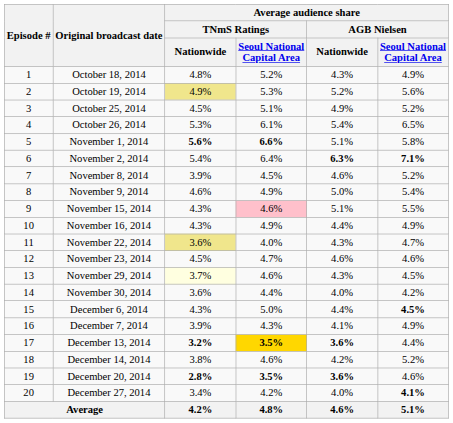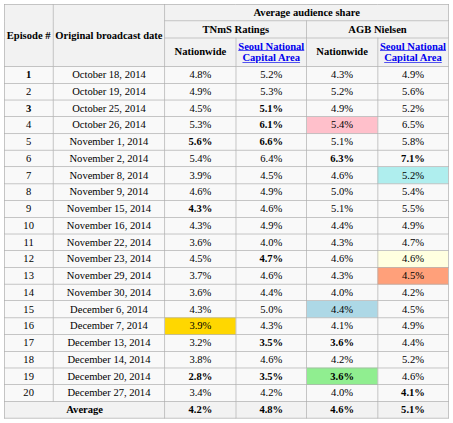 <table class=wikitable style="text-align:center">
 <tr>
 <th rowspan="3">Episode #</th>
 <th rowspan="3">Original broadcast date</th>
 <th colspan="4">Average audience share</th>
 </tr>
 <tr>
 <th colspan="2">TNmS Ratings</th>
 <th colspan="2">AGB Nielsen</th>
 </tr>
 <tr>
 <th width=100>Nationwide</th>
 <th width=100><a href='#'>Seoul National Capital Area</a></th>
 <th width=100>Nationwide</th>
 <th width=100><a href='#'>Seoul National Capital Area</a></th>
 </tr>
 <tr>
-<td>1</td>
+<td><strong>1</strong></td>
 <td>October 18, 2014</td>
 <td>4.8%</td>
 <td>5.2%</td>
 <td>4.3%</td>
 <td>4.9%</td>
 </tr>
 <tr>
 <td>2</td>
 <td>October 19, 2014</td>
-<td style="background: khaki;">4.9%</td>
+<td>4.9%</td>
 <td>5.3%</td>
 <td>5.2%</td>
 <td>5.6%</td>
 </tr>
 <tr>
-<td>3</td>
+<td><strong>3</strong></td>
 <td>October 25, 2014</td>
 <td>4.5%</td>
-<td>5.1%</td>
+<td><strong>5.1%</strong></td>
 <td>4.9%</td>
 <td>5.2%</td>
 </tr>
 <tr>
 <td>4</td>
 <td>October 26, 2014</td>
 <td>5.3%</td>
-<td>6.1%</td>
-<td>5.4%</td>
+<td><strong>6.1%</strong></td>
+<td style="background: pink;">5.4%</td>
 <td>6.5%</td>
 </tr>
 <tr>
 <td>5</td>
 <td>November 1, 2014</td>
 <td><span><strong>5.6%</strong></span></td>
 <td><span><strong>6.6%</strong></span></td>
 <td>5.1%</td>
 <td>5.8%</td>
 </tr>
 <tr>
 <td>6</td>
 <td>November 2, 2014</td>
 <td>5.4%</td>
 <td>6.4%</td>
 <td><span><strong>6.3%</strong></span></td>
 <td><span><strong>7.1%</strong></span></td>
 </tr>
 <tr>
 <td>7</td>
 <td>November 8, 2014</td>
 <td>3.9%</td>
 <td>4.5%</td>
 <td>4.6%</td>
-<td>5.2%</td>
+<td style="background: paleturquoise;">5.2%</td>
 </tr>
 <tr>
 <td>8</td>
 <td>November 9, 2014</td>
 <td>4.6%</td>
 <td>4.9%</td>
 <td>5.0%</td>
 <td>5.4%</td>
 </tr>
 <tr>
 <td>9</td>
 <td>November 15, 2014</td>
-<td>4.3%</td>
-<td style="background: pink;">4.6%</td>
+<td><strong>4.3%</strong></td>
+<td>4.6%</td>
 <td>5.1%</td>
 <td>5.5%</td>
 </tr>
 <tr>
 <td>10</td>
 <td>November 16, 2014</td>
 <td>4.3%</td>
 <td>4.9%</td>
 <td>4.4%</td>
 <td>4.9%</td>
 </tr>
 <tr>
 <td>11</td>
 <td>November 22, 2014</td>
-<td style="background: khaki;">3.6%</td>
+<td>3.6%</td>
 <td>4.0%</td>
 <td>4.3%</td>
 <td>4.7%</td>
 </tr>
 <tr>
 <td>12</td>
 <td>November 23, 2014</td>
 <td>4.5%</td>
-<td>4.7%</td>
+<td><strong>4.7%</strong></td>
 <td>4.6%</td>
-<td>4.6%</td>
+<td style="background: lightyellow;">4.6%</td>
 </tr>
 <tr>
 <td>13</td>
 <td>November 29, 2014</td>
-<td style="background: lightyellow;">3.7%</td>
+<td>3.7%</td>
 <td>4.6%</td>
 <td>4.3%</td>
-<td>4.5%</td>
+<td style="background: lightsalmon;">4.5%</td>
 </tr>
 <tr>
 <td>14</td>
 <td>November 30, 2014</td>
 <td>3.6%</td>
 <td>4.4%</td>
 <td>4.0%</td>
 <td>4.2%</td>
 </tr>
 <tr>
 <td>15</td>
 <td>December 6, 2014</td>
 <td>4.3%</td>
 <td>5.0%</td>
-<td>4.4%</td>
-<td><strong>4.5%</strong></td>
+<td style="background: lightblue;">4.4%</td>
+<td>4.5%</td>
 </tr>
 <tr>
 <td>16</td>
 <td>December 7, 2014</td>
-<td>3.9%</td>
+<td style="background: gold;">3.9%</td>
 <td>4.3%</td>
 <td>4.1%</td>
 <td>4.9%</td>
 </tr>
 <tr>
 <td>17</td>
 <td>December 13, 2014</td>
-<td><strong>3.2%</strong></td>
-<td style="background: gold;"><span><strong>3.5%</strong></span></td>
+<td>3.2%</td>
+<td><span><strong>3.5%</strong></span></td>
 <td><span><strong>3.6%</strong></span></td>
 <td>4.4%</td>
 </tr>
 <tr>
 <td>18</td>
 <td>December 14, 2014</td>
 <td>3.8%</td>
 <td>4.6%</td>
 <td>4.2%</td>
 <td>5.2%</td>
 </tr>
 <tr>
 <td>19</td>
 <td>December 20, 2014</td>
 <td><span><strong>2.8%</strong></span></td>
 <td><span><strong>3.5%</strong></span></td>
-<td><span><strong>3.6%</strong></span></td>
+<td style="background: lightgreen;"><span><strong>3.6%</strong></span></td>
 <td>4.6%</td>
 </tr>
 <tr>
 <td>20</td>
 <td>December 27, 2014</td>
 <td>3.4%</td>
 <td>4.2%</td>
 <td>4.0%</td>
 <td><span><strong>4.1%</strong></span></td>
 </tr>
 <tr>
 <th colspan=2>Average</th>
 <th><span><strong>4.2%</strong></span></th>
 <th><span><strong>4.8%</strong></span></th>
 <th><span><strong>4.6%</strong></span></th>
 <th><span><strong>5.1%</strong></span></th>
 </tr>
 </table>
